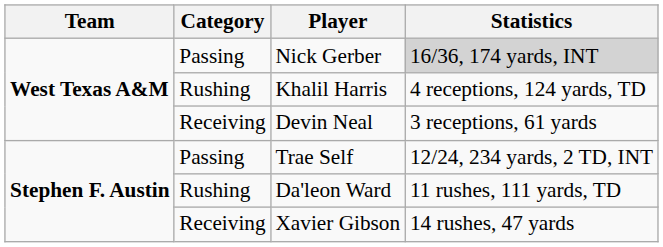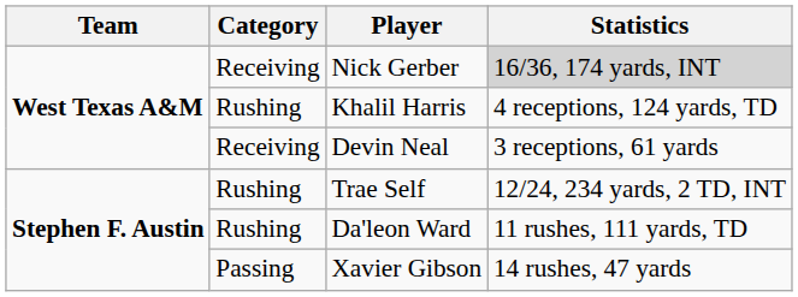 <table class="wikitable" style="float: right;">
 <tr>
 <th>Team</th>
 <th>Category</th>
 <th>Player</th>
 <th>Statistics</th>
 </tr>
 <tr>
 <td rowspan=3><strong>West Texas A&M</strong></td>
-<td>Passing</td>
+<td>Receiving</td>
 <td>Nick Gerber</td>
 <td style="background: lightgrey;">16/36, 174 yards, INT</td>
 </tr>
 <tr>
 <td>Rushing</td>
 <td>Khalil Harris</td>
 <td>4 receptions, 124 yards, TD</td>
 </tr>
 <tr>
 <td>Receiving</td>
 <td>Devin Neal</td>
 <td>3 receptions, 61 yards</td>
 </tr>
 <tr>
 <td rowspan=3><strong>Stephen F. Austin</strong></td>
-<td>Passing</td>
+<td>Rushing</td>
 <td>Trae Self</td>
 <td>12/24, 234 yards, 2 TD, INT</td>
 </tr>
 <tr>
 <td>Rushing</td>
 <td>Da'leon Ward</td>
 <td>11 rushes, 111 yards, TD</td>
 </tr>
 <tr>
-<td>Receiving</td>
+<td>Passing</td>
 <td>Xavier Gibson</td>
 <td>14 rushes, 47 yards</td>
 </tr>
 </table>
